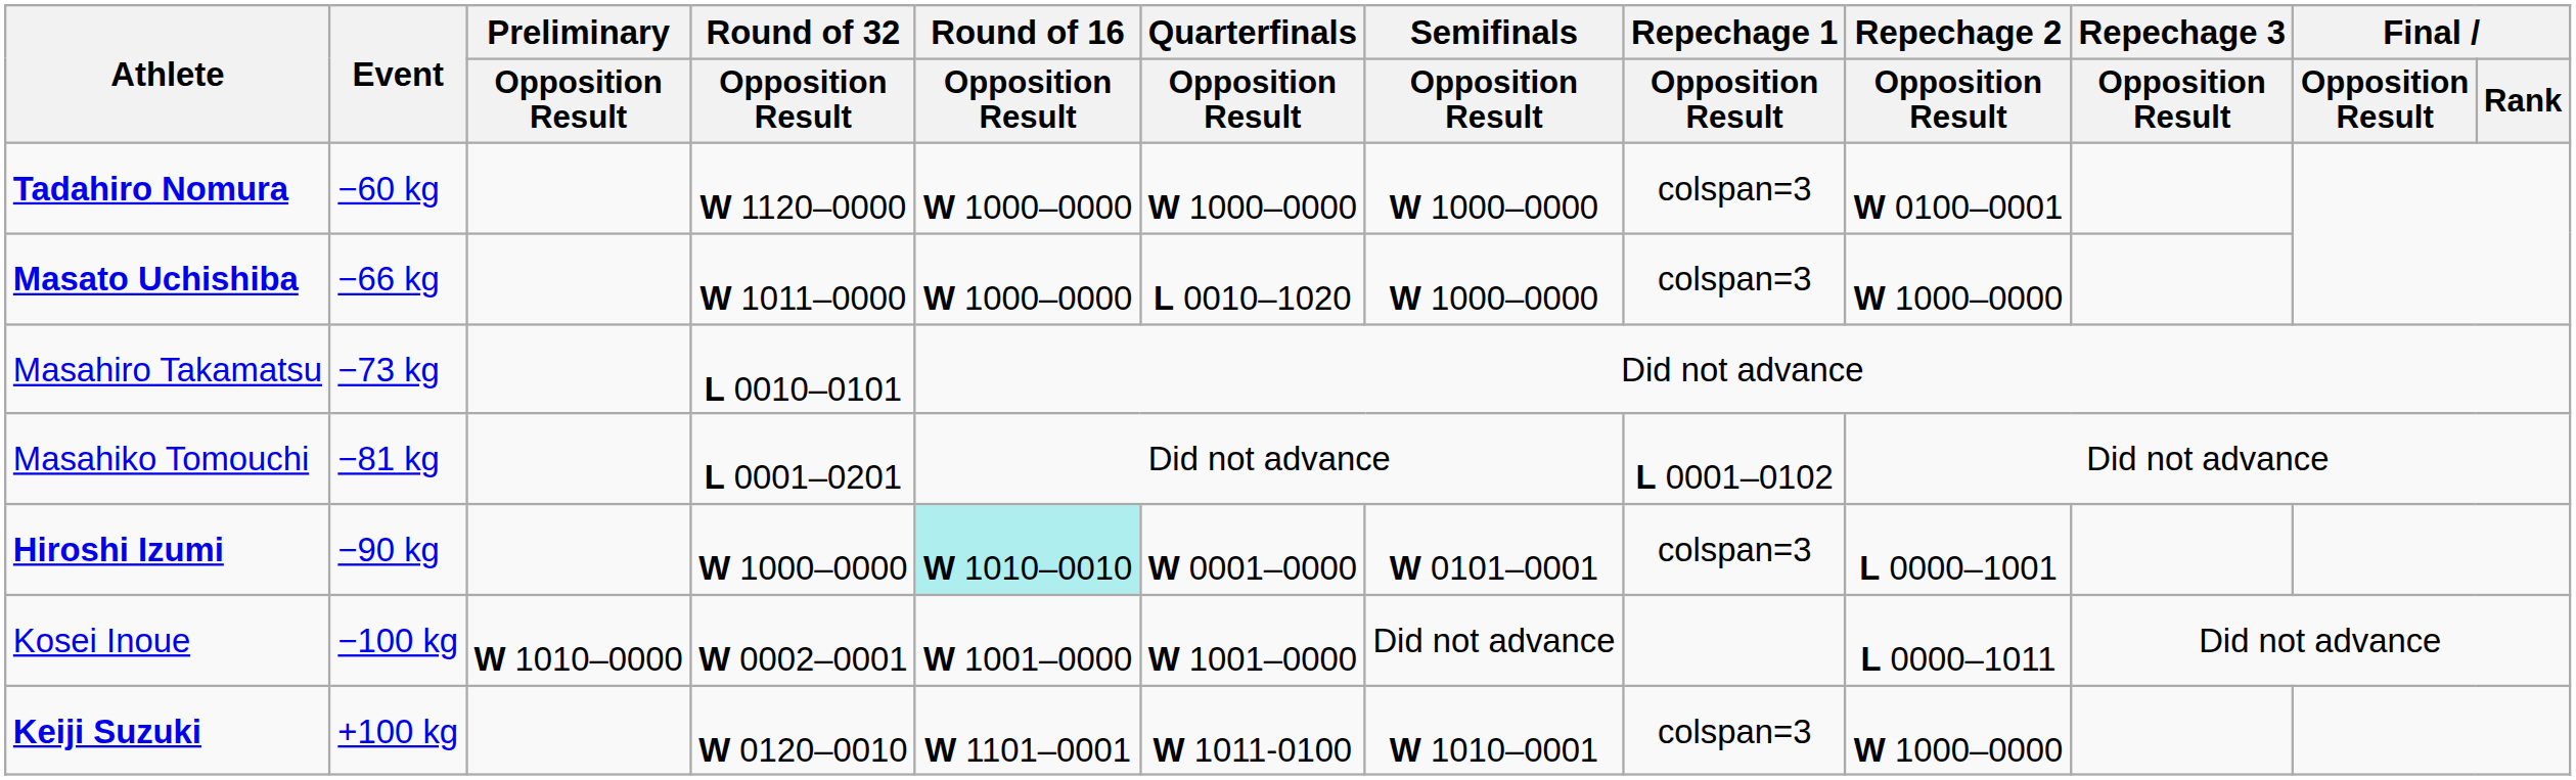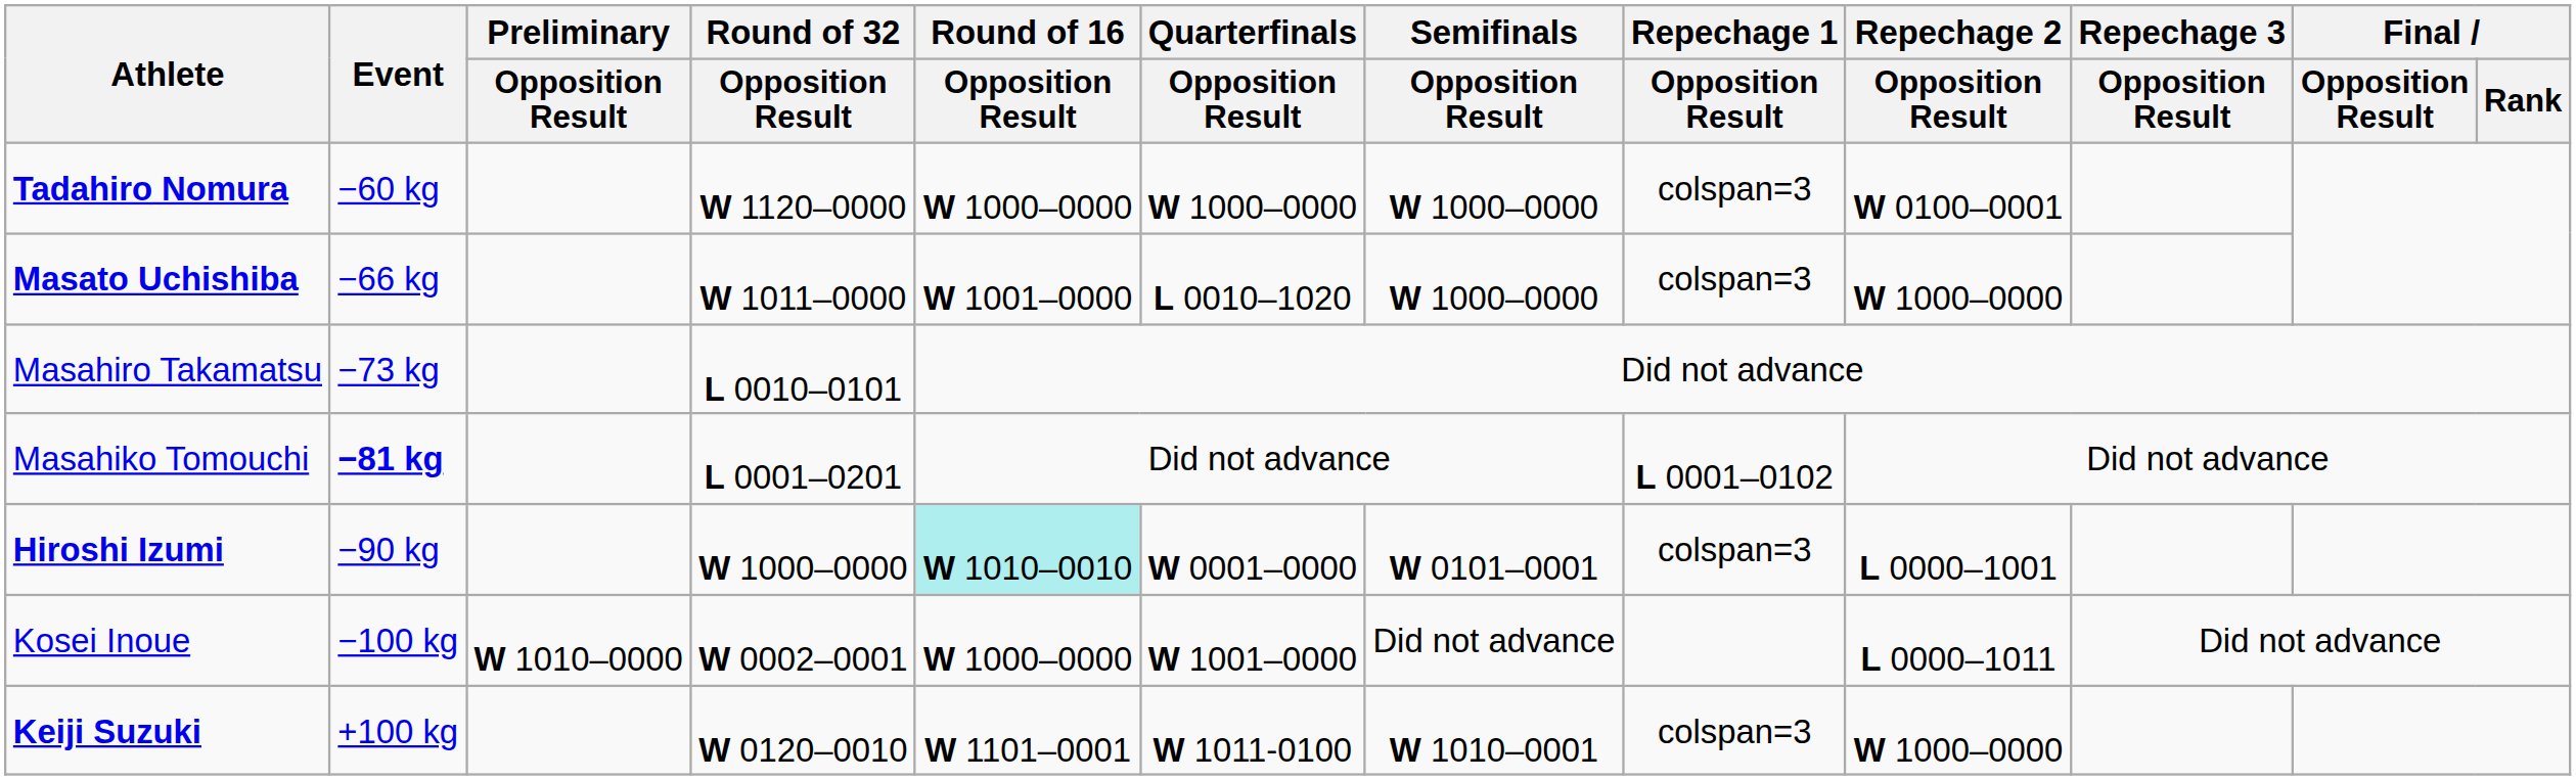 <table class="wikitable" style="font-size:90%">
 <tr>
 <th rowspan="2">Athlete</th>
 <th rowspan="2">Event</th>
 <th>Preliminary</th>
 <th>Round of 32</th>
 <th>Round of 16</th>
 <th>Quarterfinals</th>
 <th>Semifinals</th>
 <th>Repechage 1</th>
 <th>Repechage 2</th>
 <th>Repechage 3</th>
 <th colspan=2>Final / </th>
 </tr>
 <tr style="font-size:95%">
 <th>Opposition<br>Result</th>
 <th>Opposition<br>Result</th>
 <th>Opposition<br>Result</th>
 <th>Opposition<br>Result</th>
 <th>Opposition<br>Result</th>
 <th>Opposition<br>Result</th>
 <th>Opposition<br>Result</th>
 <th>Opposition<br>Result</th>
 <th>Opposition<br>Result</th>
 <th>Rank</th>
 </tr>
 <tr align=center>
 <td align=left><strong><a href='#'>Tadahiro Nomura</a></strong></td>
 <td align=left><a href='#'>−60 kg</a></td>
 <td></td>
 <td><br><strong>W</strong> 1120–0000</td>
 <td><br><strong>W</strong> 1000–0000</td>
 <td><br><strong>W</strong> 1000–0000</td>
 <td><br><strong>W</strong> 1000–0000</td>
 <td>colspan=3 </td>
 <td><br><strong>W</strong> 0100–0001</td>
 <td></td>
 </tr>
 <tr align=center>
 <td align=left><strong><a href='#'>Masato Uchishiba</a></strong></td>
 <td align=left><a href='#'>−66 kg</a></td>
 <td></td>
 <td><br><strong>W</strong> 1011–0000</td>
-<td><br><strong>W</strong> 1000–0000</td>
+<td><br><strong>W</strong> 1001–0000</td>
 <td><br><strong>L</strong> 0010–1020</td>
 <td><br><strong>W</strong> 1000–0000</td>
 <td>colspan=3 </td>
 <td><br><strong>W</strong> 1000–0000</td>
 <td></td>
 </tr>
 <tr align=center>
 <td align=left><a href='#'>Masahiro Takamatsu</a></td>
 <td align=left><a href='#'>−73 kg</a></td>
 <td></td>
 <td><br><strong>L</strong> 0010–0101</td>
 <td colspan=8>Did not advance</td>
 </tr>
 <tr align=center>
 <td align=left><a href='#'>Masahiko Tomouchi</a></td>
-<td align=left><a href='#'>−81 kg</a></td>
+<td align=left><strong><a href='#'>−81 kg</a></strong></td>
 <td></td>
 <td><br><strong>L</strong> 0001–0201</td>
 <td colspan=3>Did not advance</td>
 <td><br><strong>L</strong> 0001–0102</td>
 <td colspan=4>Did not advance</td>
 </tr>
 <tr align=center>
 <td align=left><strong><a href='#'>Hiroshi Izumi</a></strong></td>
 <td align=left><a href='#'>−90 kg</a></td>
 <td></td>
 <td><br><strong>W</strong> 1000–0000</td>
 <td style="background: paleturquoise;"><br><strong>W</strong> 1010–0010</td>
 <td><br><strong>W</strong> 0001–0000</td>
 <td><br><strong>W</strong> 0101–0001</td>
 <td>colspan=3 </td>
 <td><br><strong>L</strong> 0000–1001</td>
 <td></td>
 </tr>
 <tr align=center>
 <td align=left><a href='#'>Kosei Inoue</a></td>
 <td align=left><a href='#'>−100 kg</a></td>
 <td><br><strong>W</strong> 1010–0000</td>
 <td><br><strong>W</strong> 0002–0001</td>
-<td><br><strong>W</strong> 1001–0000</td>
+<td><br><strong>W</strong> 1000–0000</td>
 <td><br><strong>W</strong> 1001–0000</td>
 <td>Did not advance</td>
 <td></td>
 <td><br><strong>L</strong> 0000–1011</td>
 <td colspan=3>Did not advance</td>
 </tr>
 <tr align=center>
 <td align=left><strong><a href='#'>Keiji Suzuki</a></strong></td>
 <td align=left><a href='#'>+100 kg</a></td>
 <td></td>
 <td><br><strong>W</strong> 0120–0010</td>
 <td><br><strong>W</strong> 1101–0001</td>
 <td><br><strong>W</strong> 1011-0100</td>
 <td><br><strong>W</strong> 1010–0001</td>
 <td>colspan=3 </td>
 <td><br><strong>W</strong> 1000–0000</td>
 <td></td>
 </tr>
 </table>
